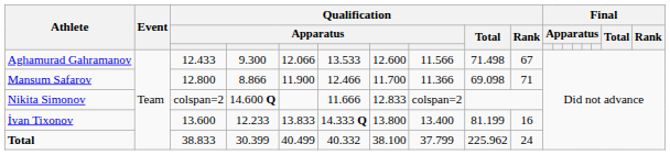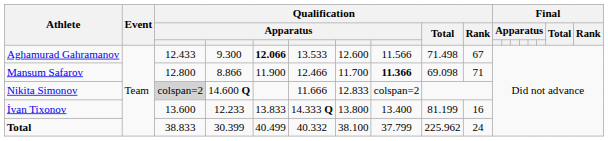 <table class="wikitable" style="font-size:90%">
 <tr>
 <th rowspan=3>Athlete</th>
 <th rowspan=3>Event</th>
 <th colspan =8>Qualification</th>
 <th colspan =8>Final</th>
 </tr>
 <tr style="font-size:95%">
 <th colspan=6>Apparatus</th>
 <th rowspan=2>Total</th>
 <th rowspan=2>Rank</th>
 <th colspan=6>Apparatus</th>
 <th rowspan=2>Total</th>
 <th rowspan=2>Rank</th>
 </tr>
 <tr style="font-size:95%">
 <th></th>
 <th></th>
 <th></th>
 <th></th>
 <th></th>
 <th></th>
 <th></th>
 <th></th>
 <th></th>
 <th></th>
 <th></th>
 <th></th>
 </tr>
 <tr align=center>
 <td align=left><a href='#'>Aghamurad Gahramanov</a></td>
 <td align=left rowspan=5>Team</td>
 <td>12.433</td>
 <td>9.300</td>
-<td>12.066</td>
+<td><strong>12.066</strong></td>
 <td>13.533</td>
 <td>12.600</td>
 <td>11.566</td>
 <td>71.498</td>
 <td>67</td>
 <td colspan=8 rowspan=5>Did not advance</td>
 </tr>
 <tr align=center>
 <td align=left><a href='#'>Mansum Safarov</a></td>
 <td>12.800</td>
 <td>8.866</td>
 <td>11.900</td>
 <td>12.466</td>
 <td>11.700</td>
-<td>11.366</td>
+<td><strong>11.366</strong></td>
 <td>69.098</td>
 <td>71</td>
 </tr>
 <tr align=center>
 <td align=left><a href='#'>Nikita Simonov</a></td>
-<td>colspan=2</td>
+<td style="background: lightgrey;">colspan=2</td>
 <td>14.600 <strong>Q</strong></td>
 <td></td>
 <td>11.666</td>
 <td>12.833</td>
 <td>colspan=2</td>
 </tr>
 <tr align=center>
 <td align=left><a href='#'>İvan Tixonov</a></td>
 <td>13.600</td>
 <td>12.233</td>
 <td>13.833</td>
 <td>14.333 <strong>Q</strong></td>
 <td>13.800</td>
 <td>13.400</td>
 <td>81.199</td>
 <td>16</td>
 </tr>
 <tr align=center>
 <td align=left><strong>Total</strong></td>
 <td>38.833</td>
 <td>30.399</td>
 <td>40.499</td>
 <td>40.332</td>
 <td>38.100</td>
 <td>37.799</td>
 <td>225.962</td>
 <td>24</td>
 </tr>
 </table>
